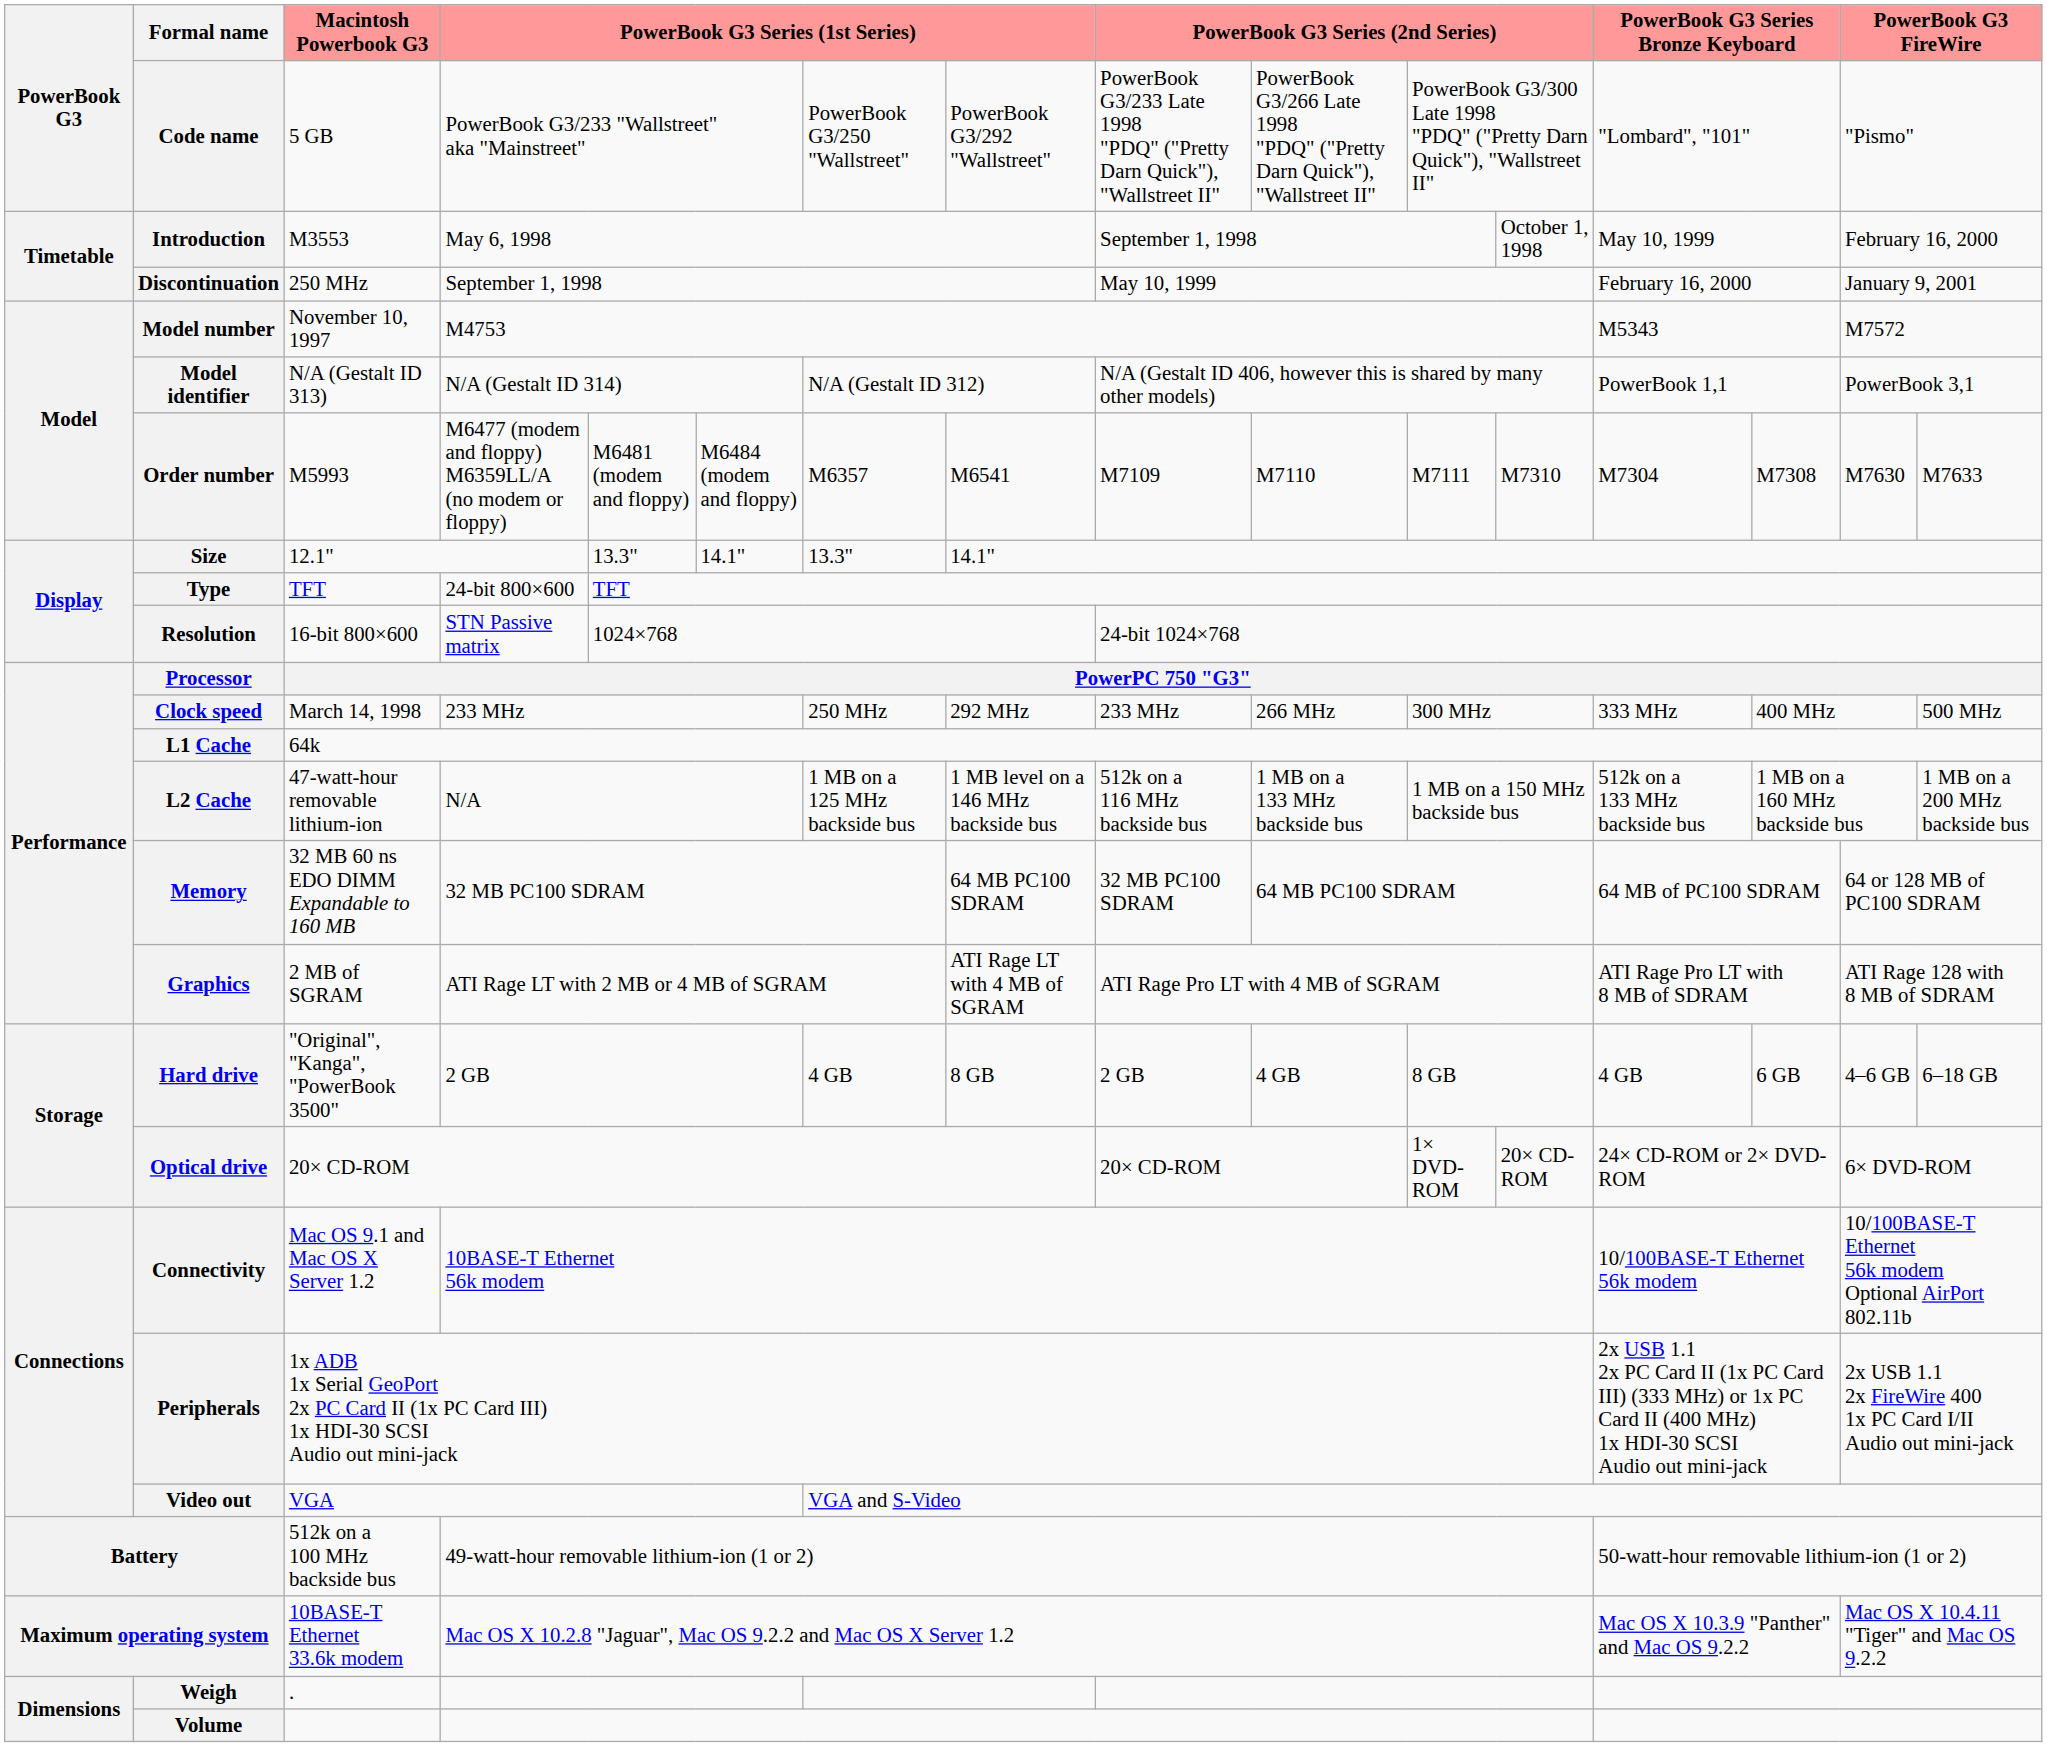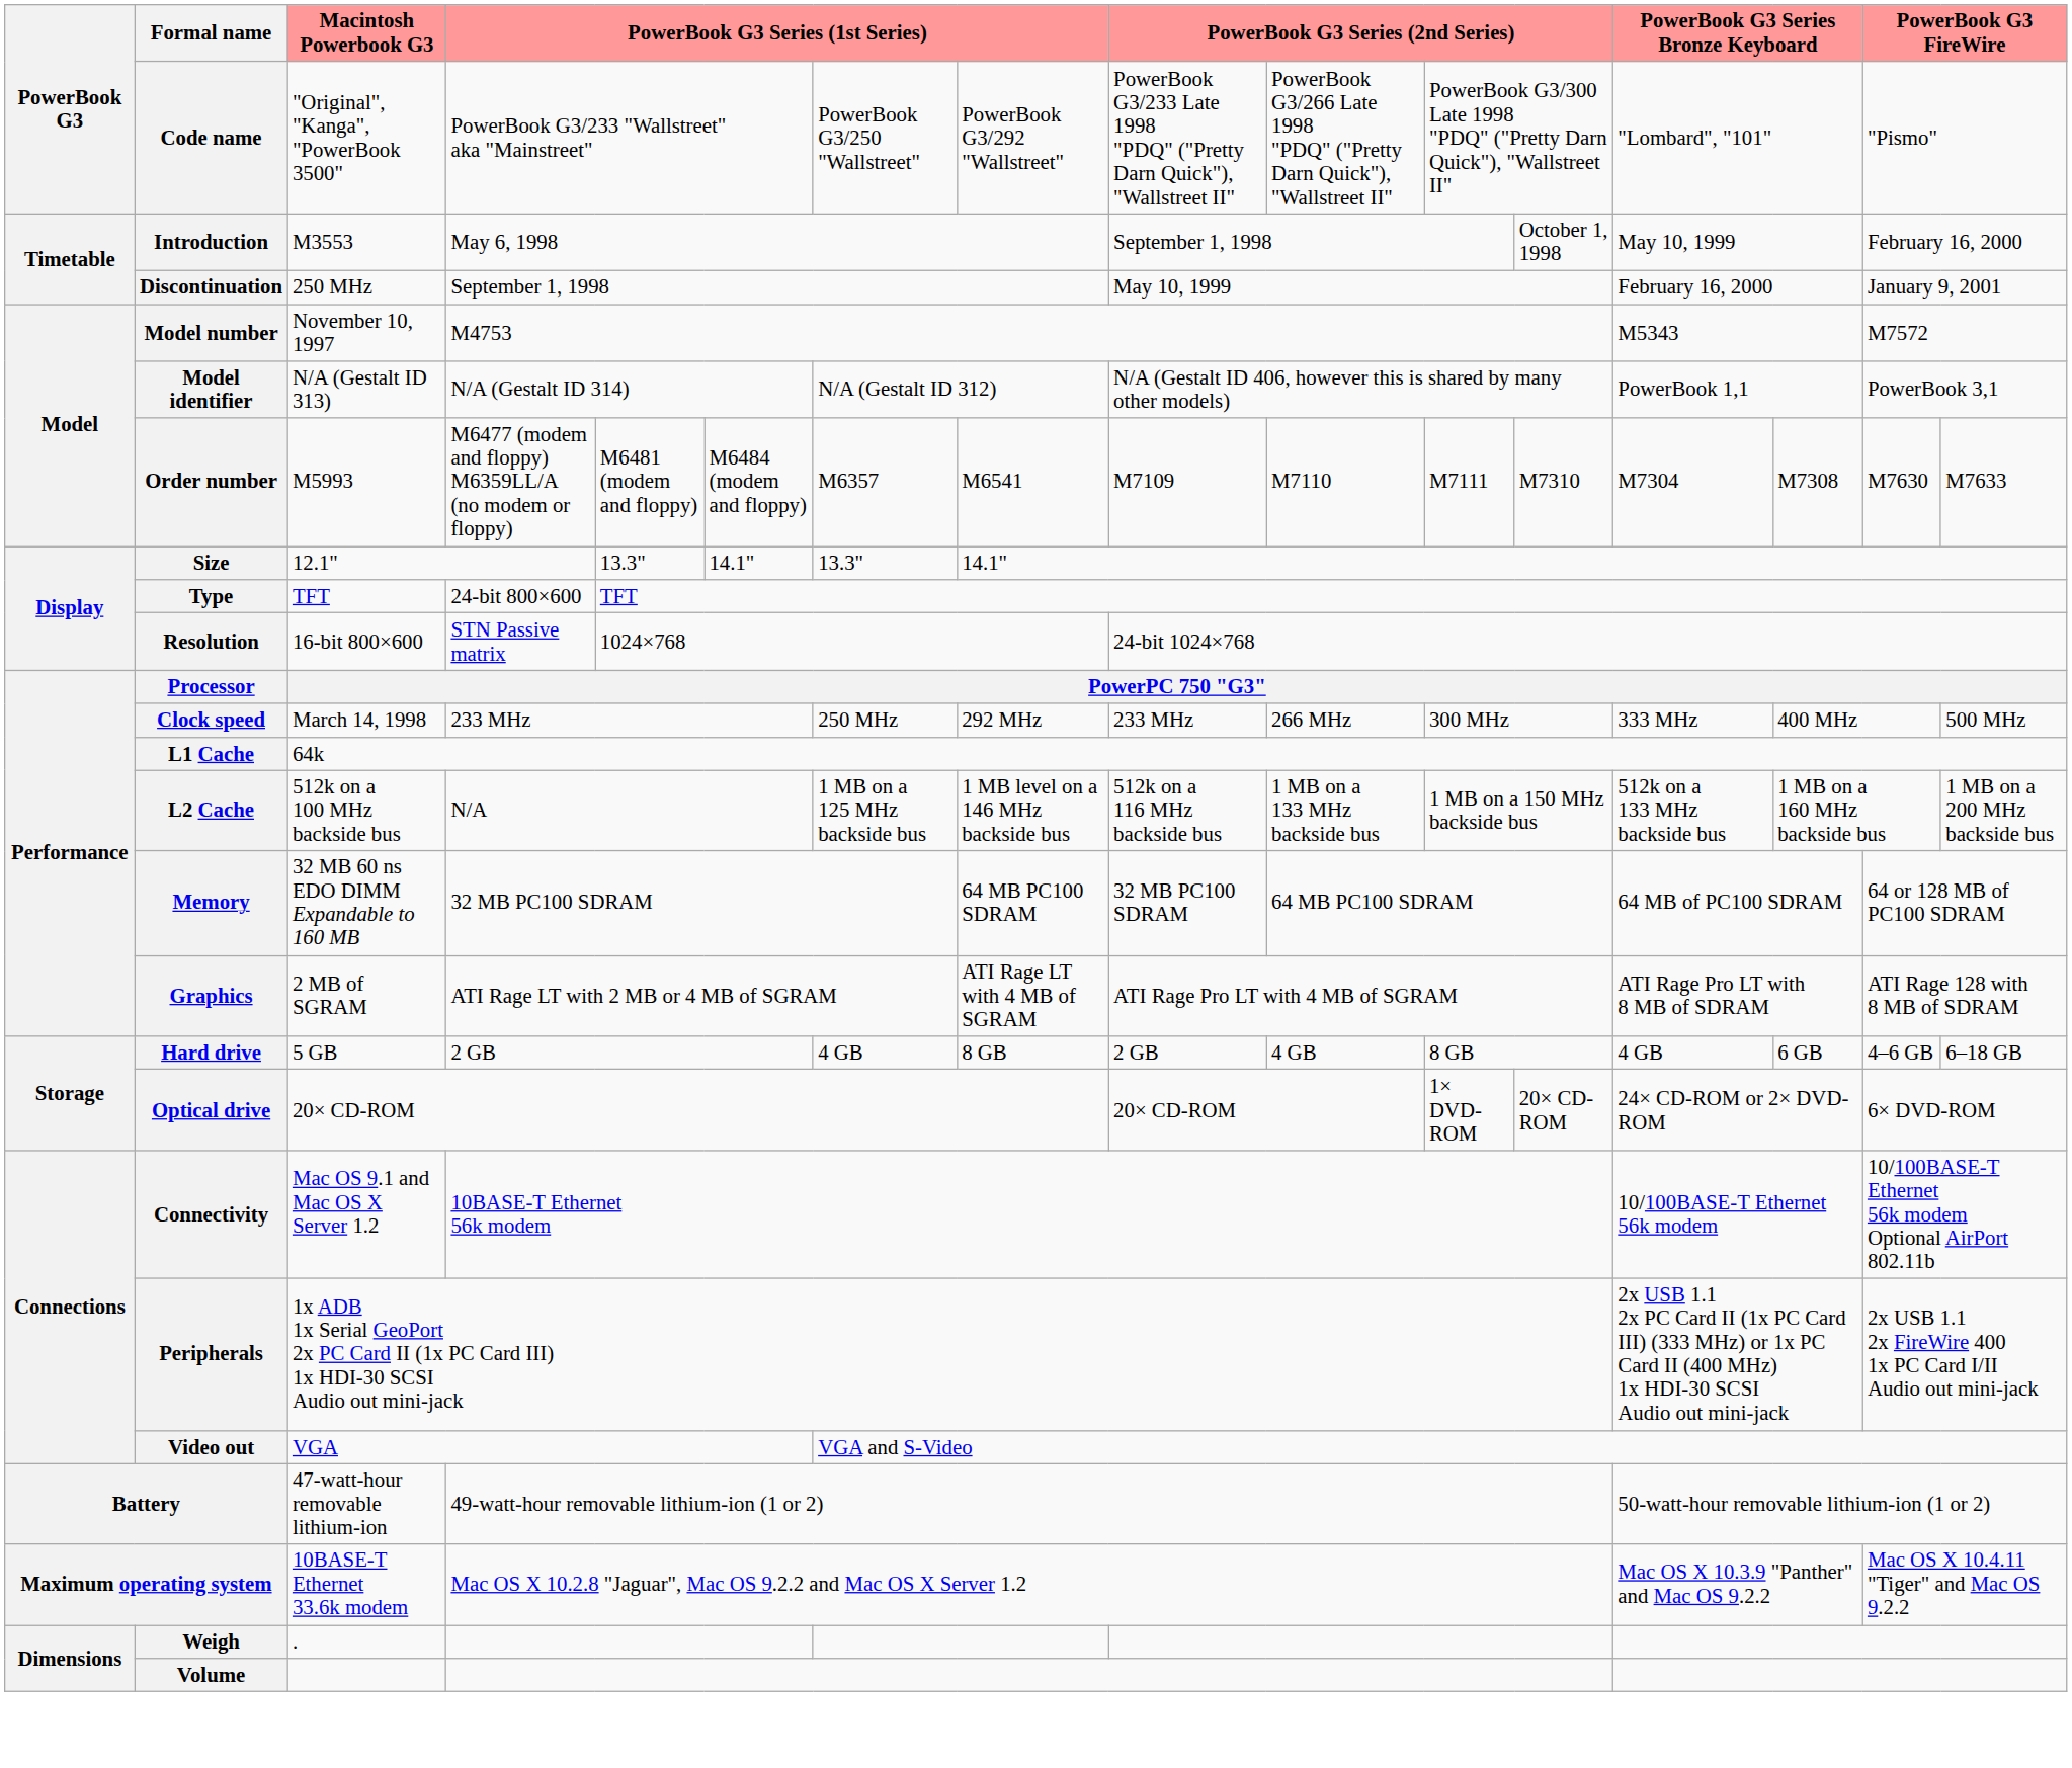 <table class="wikitable mw-collapsible ">
 <tr>
 <th rowspan=2>PowerBook G3</th>
 <th>Formal name</th>
 <th style="background:#FF9999">Macintosh Powerbook G3</th>
 <th colspan=5 style="background:#FF9999">PowerBook G3 Series (1st Series)</th>
 <th colspan=4 style="background:#FF9999">PowerBook G3 Series (2nd Series)</th>
 <th colspan=2 style="background:#FF9999">PowerBook G3 Series Bronze Keyboard</th>
 <th colspan=2 style="background:#FF9999">PowerBook G3 FireWire</th>
 </tr>
 <tr>
 <th>Code name</th>
-<td>5 GB</td>
+<td>"Original", "Kanga", "PowerBook 3500"</td>
 <td colspan=3>PowerBook G3/233 "Wallstreet"<br>aka "Mainstreet"</td>
 <td>PowerBook G3/250 "Wallstreet"</td>
 <td>PowerBook G3/292 "Wallstreet"</td>
 <td>PowerBook G3/233 Late 1998<br>"PDQ" ("Pretty Darn Quick"), "Wallstreet II"</td>
 <td>PowerBook G3/266 Late 1998<br>"PDQ" ("Pretty Darn Quick"), "Wallstreet II"</td>
 <td colspan=2>PowerBook G3/300 Late 1998<br>"PDQ" ("Pretty Darn Quick"), "Wallstreet II"</td>
 <td colspan=2>"Lombard", "101"</td>
 <td colspan=2>"Pismo"</td>
 </tr>
 <tr>
 <th rowspan=2>Timetable</th>
 <th>Introduction</th>
 <td>M3553</td>
 <td colspan=5>May 6, 1998</td>
 <td colspan=3>September 1, 1998</td>
 <td>October 1, 1998</td>
 <td colspan=2>May 10, 1999</td>
 <td colspan=2>February 16, 2000</td>
 </tr>
 <tr>
 <th>Discontinuation</th>
 <td>250 MHz</td>
 <td colspan=5>September 1, 1998</td>
 <td colspan=4>May 10, 1999</td>
 <td colspan=2>February 16, 2000</td>
 <td colspan=2>January 9, 2001</td>
 </tr>
 <tr>
 <th rowspan=3>Model</th>
 <th>Model number</th>
 <td>November 10, 1997</td>
 <td colspan=9>M4753</td>
 <td colspan=2>M5343</td>
 <td colspan=2>M7572</td>
 </tr>
 <tr>
 <th>Model identifier</th>
 <td>N/A (Gestalt ID 313)</td>
 <td colspan=3>N/A (Gestalt ID 314)</td>
 <td colspan=2>N/A (Gestalt ID 312)</td>
 <td colspan=4>N/A (Gestalt ID 406, however this is shared by many other models)</td>
 <td colspan=2>PowerBook 1,1</td>
 <td colspan=2>PowerBook 3,1</td>
 </tr>
 <tr>
 <th>Order number</th>
 <td>M5993</td>
 <td>M6477 (modem and floppy)<br>M6359LL/A (no modem or floppy)</td>
 <td>M6481 (modem and floppy)</td>
 <td>M6484 (modem and floppy)</td>
 <td>M6357</td>
 <td>M6541</td>
 <td>M7109</td>
 <td>M7110</td>
 <td>M7111</td>
 <td>M7310</td>
 <td>M7304</td>
 <td>M7308</td>
 <td>M7630</td>
 <td>M7633</td>
 </tr>
 <tr>
 <th rowspan=3><a href='#'>Display</a></th>
 <th>Size</th>
 <td colspan=2>12.1"</td>
 <td>13.3"</td>
 <td>14.1"</td>
 <td>13.3"</td>
 <td colspan=9>14.1"</td>
 </tr>
 <tr>
 <th>Type</th>
 <td><a href='#'>TFT</a></td>
 <td>24-bit 800×600</td>
 <td colspan=12><a href='#'>TFT</a></td>
 </tr>
 <tr>
 <th>Resolution</th>
 <td>16-bit 800×600</td>
 <td><a href='#'>STN Passive matrix</a></td>
 <td colspan=4>1024×768</td>
 <td colspan=8>24-bit 1024×768</td>
 </tr>
 <tr>
 <th rowspan=6>Performance</th>
 <th><a href='#'>Processor</a></th>
 <th colspan=14><a href='#'>PowerPC 750 "G3"</a></th>
 </tr>
 <tr>
 <th><a href='#'>Clock speed</a></th>
 <td>March 14, 1998</td>
 <td colspan=3>233 MHz</td>
 <td>250 MHz</td>
 <td>292 MHz</td>
 <td>233 MHz</td>
 <td>266 MHz</td>
 <td colspan=2>300 MHz</td>
 <td>333 MHz</td>
 <td colspan=2>400 MHz</td>
 <td>500 MHz</td>
 </tr>
 <tr>
 <th>L1 <a href='#'>Cache</a></th>
 <td colspan=14>64k</td>
 </tr>
 <tr>
 <th>L2 <a href='#'>Cache</a></th>
-<td>47-watt-hour removable lithium-ion</td>
+<td>512k on a 100 MHz backside bus</td>
 <td colspan=3>N/A</td>
 <td>1 MB on a 125 MHz backside bus</td>
 <td>1 MB level on a 146 MHz backside bus</td>
 <td>512k on a 116 MHz backside bus</td>
 <td>1 MB on a 133 MHz backside bus</td>
 <td colspan=2>1 MB on a 150 MHz backside bus</td>
 <td>512k on a 133 MHz backside bus</td>
 <td colspan=2>1 MB on a 160 MHz backside bus</td>
 <td>1 MB on a 200 MHz backside bus</td>
 </tr>
 <tr>
 <th><a href='#'>Memory</a></th>
 <td>32 MB 60 ns EDO DIMM<br><em>Expandable to 160 MB</em></td>
 <td colspan=4>32 MB PC100 SDRAM<br><em></em></td>
 <td>64 MB PC100 SDRAM<br><em></em></td>
 <td>32 MB PC100 SDRAM<br><em></em></td>
 <td colspan=3>64 MB PC100 SDRAM<br><em></em></td>
 <td colspan=2>64 MB of PC100 SDRAM<br><em></em></td>
 <td colspan=2>64 or 128 MB of PC100 SDRAM<br><em></em></td>
 </tr>
 <tr>
 <th><a href='#'>Graphics</a></th>
 <td>2 MB of SGRAM</td>
 <td colspan=4>ATI Rage LT with 2 MB or 4 MB of SGRAM</td>
 <td>ATI Rage LT with 4 MB of SGRAM</td>
 <td colspan=4>ATI Rage Pro LT with 4 MB of SGRAM</td>
 <td colspan=2>ATI Rage Pro LT with 8 MB of SDRAM</td>
 <td colspan=2>ATI Rage 128 with 8 MB of SDRAM</td>
 </tr>
 <tr>
 <th rowspan=2>Storage</th>
 <th><a href='#'>Hard drive</a></th>
-<td>"Original", "Kanga", "PowerBook 3500"</td>
+<td>5 GB</td>
 <td colspan=3>2 GB</td>
 <td>4 GB</td>
 <td>8 GB</td>
 <td>2 GB</td>
 <td>4 GB</td>
 <td colspan=2>8 GB</td>
 <td>4 GB</td>
 <td>6 GB</td>
 <td>4–6 GB</td>
 <td colspan=2>6–18 GB</td>
 </tr>
 <tr>
 <th><a href='#'>Optical drive</a></th>
 <td colspan=6>20× CD-ROM</td>
 <td colspan=2>20× CD-ROM<br></td>
 <td>1× DVD-ROM</td>
 <td>20× CD-ROM</td>
 <td colspan=2>24× CD-ROM or 2× DVD-ROM</td>
 <td colspan=2>6× DVD-ROM</td>
 </tr>
 <tr>
 <th rowspan=3>Connections</th>
 <th>Connectivity</th>
 <td><a href='#'>Mac OS 9</a>.1 and <a href='#'>Mac OS X Server</a> 1.2<br><br></td>
 <td colspan=9><a href='#'>10BASE-T Ethernet</a><br><a href='#'>56k modem</a></td>
 <td colspan=2>10/<a href='#'>100BASE-T Ethernet</a><br><a href='#'>56k modem</a></td>
 <td colspan=2>10/<a href='#'>100BASE-T Ethernet</a><br><a href='#'>56k modem</a><br>Optional <a href='#'>AirPort</a> 802.11b</td>
 </tr>
 <tr>
 <th>Peripherals</th>
 <td colspan=10>1x <a href='#'>ADB</a><br>1x Serial <a href='#'>GeoPort</a><br>2x <a href='#'>PC Card</a> II (1x PC Card III)<br>1x HDI-30 SCSI<br>Audio out mini-jack</td>
 <td colspan=2>2x <a href='#'>USB</a> 1.1<br>2x PC Card II (1x PC Card III) (333 MHz) or 1x PC Card II (400 MHz)<br>1x HDI-30 SCSI<br>Audio out mini-jack</td>
 <td colspan=2>2x USB 1.1<br>2x <a href='#'>FireWire</a> 400<br>1x PC Card I/II<br>Audio out mini-jack</td>
 </tr>
 <tr>
 <th>Video out</th>
 <td colspan=4><a href='#'>VGA</a></td>
 <td colspan=10><a href='#'>VGA</a> and <a href='#'>S-Video</a></td>
 </tr>
 <tr>
 <th colspan=2>Battery</th>
-<td>512k on a 100 MHz backside bus</td>
+<td>47-watt-hour removable lithium-ion</td>
 <td colspan=9>49-watt-hour removable lithium-ion (1 or 2)</td>
 <td colspan=4>50-watt-hour removable lithium-ion (1 or 2)</td>
 </tr>
 <tr>
 <th colspan=2>Maximum <a href='#'>operating system</a></th>
 <td><a href='#'>10BASE-T Ethernet</a><br><a href='#'>33.6k modem</a></td>
 <td colspan=9><a href='#'>Mac OS X 10.2.8</a> "Jaguar", <a href='#'>Mac OS 9</a>.2.2 and <a href='#'>Mac OS X Server</a> 1.2<br></td>
 <td colspan=2><a href='#'>Mac OS X 10.3.9</a> "Panther" and <a href='#'>Mac OS 9</a>.2.2<br></td>
 <td colspan=2><a href='#'>Mac OS X 10.4.11</a> "Tiger" and <a href='#'>Mac OS 9</a>.2.2<br></td>
 </tr>
 <tr>
 <th rowspan=2>Dimensions</th>
 <th>Weigh</th>
 <td>.</td>
 <td colspan=3></td>
 <td colspan=2></td>
 <td colspan=4></td>
 <td colspan=4></td>
 </tr>
 <tr>
 <th>Volume</th>
 <td></td>
 <td colspan=9></td>
 <td colspan=4></td>
 </tr>
 </table>
